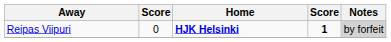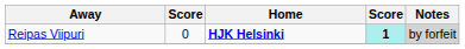 <table class="wikitable">
 <tr>
 <th width="200">Away</th>
 <th width="40">Score</th>
 <th width="200">Home</th>
 <th width="40">Score</th>
 <th>Notes</th>
 </tr>
 <tr>
 <td><a href='#'>Reipas Viipuri</a></td>
 <td align=center>0</td>
 <td><strong><a href='#'>HJK Helsinki</a></strong></td>
-<td align=center><strong>1</strong></td>
+<td align=center style="background: paleturquoise;"><strong>1</strong></td>
 <td style="background: lightgrey;">by forfeit</td>
 </tr>
 <tr>
 </tr>
 </table>
